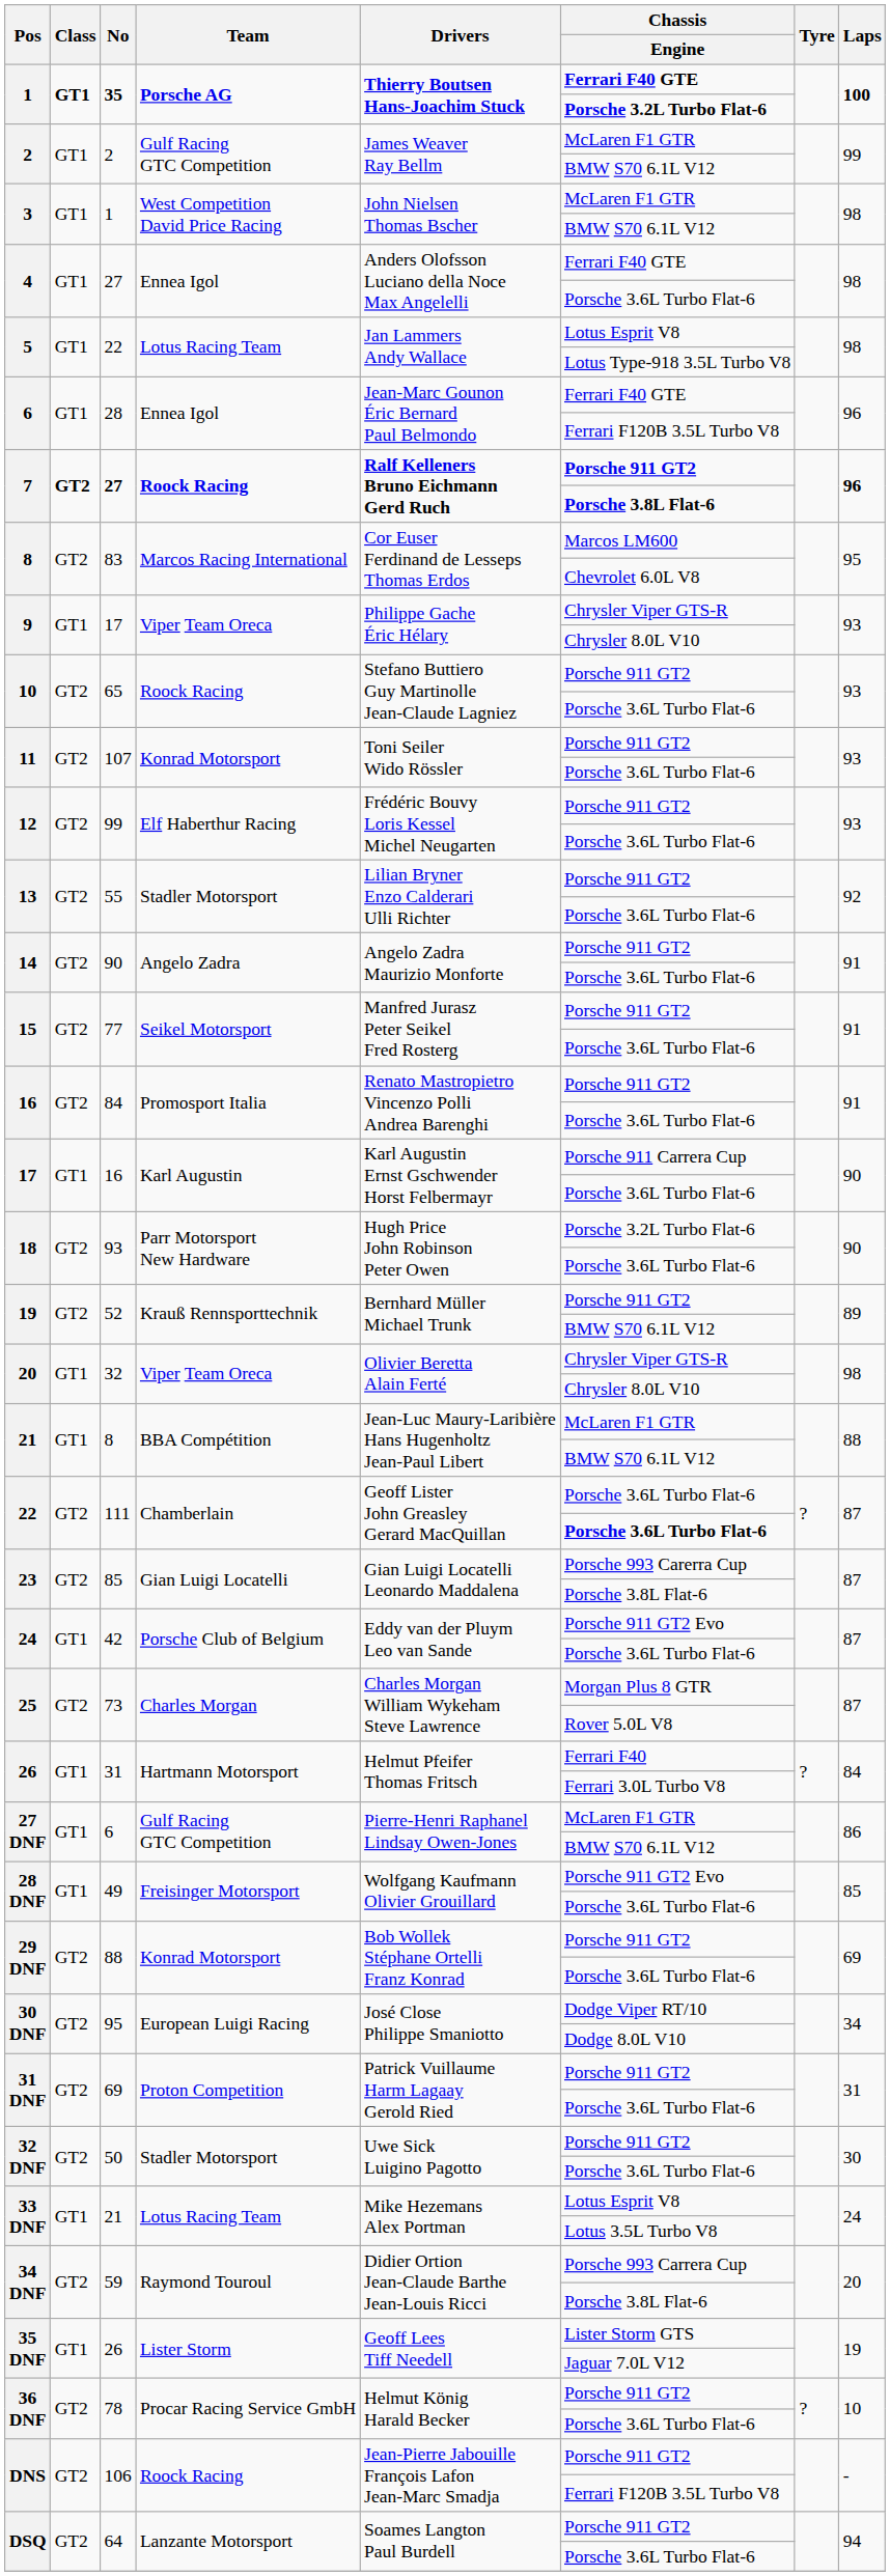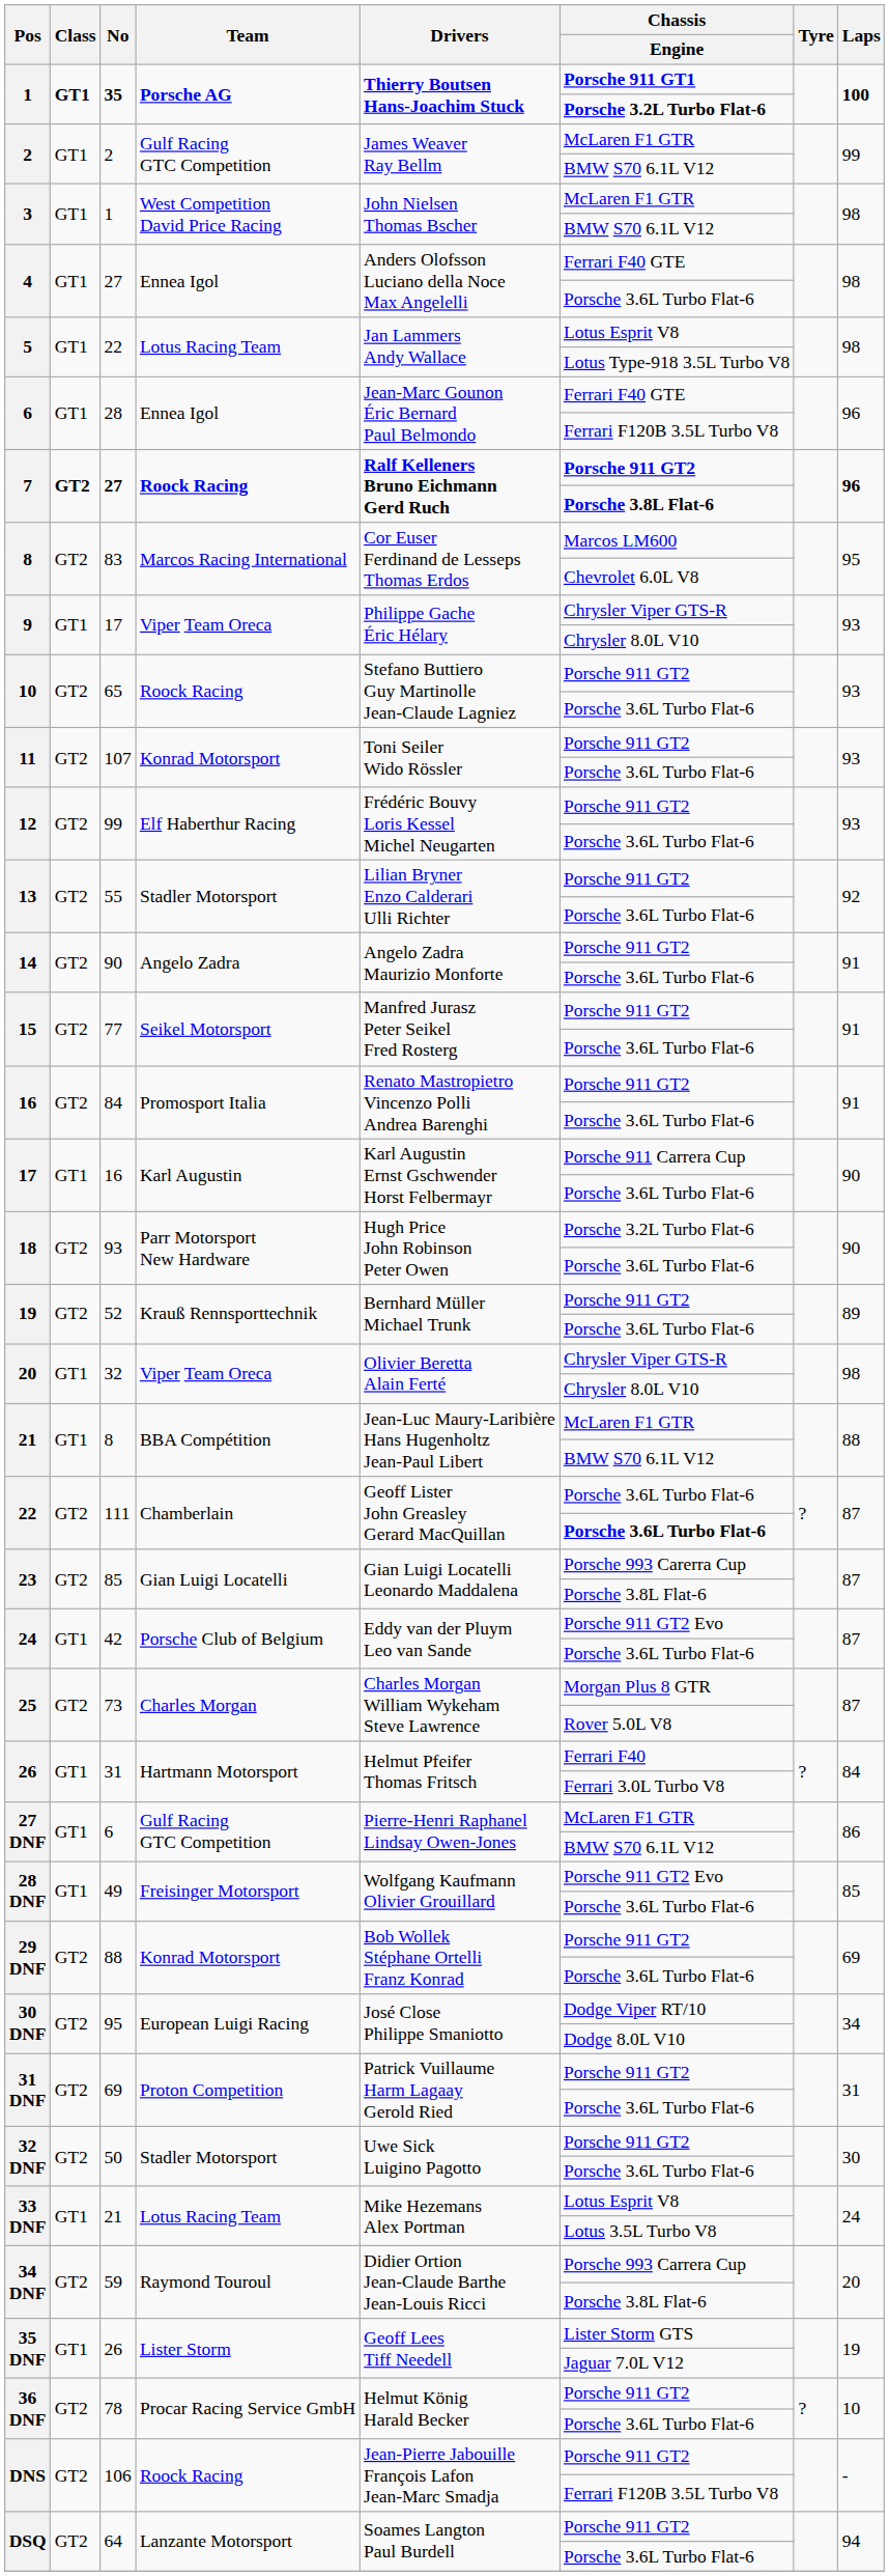 <table class="wikitable" style="font-size: 95%;">
 <tr>
 <th rowspan=2>Pos</th>
 <th rowspan=2>Class</th>
 <th rowspan=2>No</th>
 <th rowspan=2>Team</th>
 <th rowspan=2>Drivers</th>
 <th>Chassis</th>
 <th rowspan=2>Tyre</th>
 <th rowspan=2>Laps</th>
 </tr>
 <tr>
 <th>Engine</th>
 </tr>
 <tr style="font-weight:bold">
 <th rowspan=2>1</th>
 <td rowspan=2>GT1</td>
 <td rowspan=2>35</td>
 <td rowspan=2> <a href='#'>Porsche AG</a></td>
 <td rowspan=2> <a href='#'>Thierry Boutsen</a><br> <a href='#'>Hans-Joachim Stuck</a></td>
-<td><a href='#'>Ferrari F40</a> GTE</td>
+<td><a href='#'>Porsche 911 GT1</a></td>
 <td rowspan=2></td>
 <td rowspan=2>100</td>
 </tr>
 <tr style="font-weight:bold">
 <td><a href='#'>Porsche</a> 3.2L Turbo Flat-6</td>
 </tr>
 <tr>
 <th rowspan=2>2</th>
 <td rowspan=2>GT1</td>
 <td rowspan=2>2</td>
 <td rowspan=2> <a href='#'>Gulf Racing</a><br> GTC Competition</td>
 <td rowspan=2> <a href='#'>James Weaver</a><br> <a href='#'>Ray Bellm</a></td>
 <td><a href='#'>McLaren F1 GTR</a></td>
 <td rowspan=2></td>
 <td rowspan=2>99</td>
 </tr>
 <tr>
 <td><a href='#'>BMW</a> <a href='#'>S70</a> 6.1L V12</td>
 </tr>
 <tr>
 <th rowspan=2>3</th>
 <td rowspan=2>GT1</td>
 <td rowspan=2>1</td>
 <td rowspan=2> <a href='#'>West Competition</a><br> <a href='#'>David Price Racing</a></td>
 <td rowspan=2> <a href='#'>John Nielsen</a><br> <a href='#'>Thomas Bscher</a></td>
 <td><a href='#'>McLaren F1 GTR</a></td>
 <td rowspan=2></td>
 <td rowspan=2>98</td>
 </tr>
 <tr>
 <td><a href='#'>BMW</a> <a href='#'>S70</a> 6.1L V12</td>
 </tr>
 <tr>
 <th rowspan=2>4</th>
 <td rowspan=2>GT1</td>
 <td rowspan=2>27</td>
 <td rowspan=2> Ennea Igol</td>
 <td rowspan=2> Anders Olofsson<br> Luciano della Noce<br> <a href='#'>Max Angelelli</a></td>
 <td><a href='#'>Ferrari F40</a> GTE</td>
 <td rowspan=2></td>
 <td rowspan=2>98</td>
 </tr>
 <tr>
 <td><a href='#'>Porsche</a> 3.6L Turbo Flat-6</td>
 </tr>
 <tr>
 <th rowspan=2>5</th>
 <td rowspan=2>GT1</td>
 <td rowspan=2>22</td>
 <td rowspan=2> <a href='#'>Lotus Racing Team</a></td>
 <td rowspan=2> <a href='#'>Jan Lammers</a><br> <a href='#'>Andy Wallace</a></td>
 <td><a href='#'>Lotus Esprit</a> V8</td>
 <td rowspan=2></td>
 <td rowspan=2>98</td>
 </tr>
 <tr>
 <td><a href='#'>Lotus</a> Type-918 3.5L Turbo V8</td>
 </tr>
 <tr>
 <th rowspan=2>6</th>
 <td rowspan=2>GT1</td>
 <td rowspan=2>28</td>
 <td rowspan=2> Ennea Igol</td>
 <td rowspan=2> <a href='#'>Jean-Marc Gounon</a><br> <a href='#'>Éric Bernard</a><br> <a href='#'>Paul Belmondo</a></td>
 <td><a href='#'>Ferrari F40</a> GTE</td>
 <td rowspan=2></td>
 <td rowspan=2>96</td>
 </tr>
 <tr>
 <td><a href='#'>Ferrari</a> F120B 3.5L Turbo V8</td>
 </tr>
 <tr style="font-weight:bold">
 <th rowspan=2>7</th>
 <td rowspan=2>GT2</td>
 <td rowspan=2>27</td>
 <td rowspan=2> <a href='#'>Roock Racing</a></td>
 <td rowspan=2> <a href='#'>Ralf Kelleners</a><br> Bruno Eichmann<br> Gerd Ruch</td>
 <td><a href='#'>Porsche 911 GT2</a></td>
 <td rowspan=2></td>
 <td rowspan=2>96</td>
 </tr>
 <tr style="font-weight:bold">
 <td><a href='#'>Porsche</a> 3.8L Flat-6</td>
 </tr>
 <tr>
 <th rowspan=2>8</th>
 <td rowspan=2>GT2</td>
 <td rowspan=2>83</td>
 <td rowspan=2> <a href='#'>Marcos Racing International</a></td>
 <td rowspan=2> <a href='#'>Cor Euser</a><br> Ferdinand de Lesseps<br> <a href='#'>Thomas Erdos</a></td>
 <td><a href='#'>Marcos LM600</a></td>
 <td rowspan=2></td>
 <td rowspan=2>95</td>
 </tr>
 <tr>
 <td><a href='#'>Chevrolet</a> 6.0L V8</td>
 </tr>
 <tr>
 <th rowspan=2>9</th>
 <td rowspan=2>GT1</td>
 <td rowspan=2>17</td>
 <td rowspan=2> <a href='#'>Viper</a> <a href='#'>Team Oreca</a></td>
 <td rowspan=2> <a href='#'>Philippe Gache</a><br> <a href='#'>Éric Hélary</a></td>
 <td><a href='#'>Chrysler Viper GTS-R</a></td>
 <td rowspan=2></td>
 <td rowspan=2>93</td>
 </tr>
 <tr>
 <td><a href='#'>Chrysler</a> 8.0L V10</td>
 </tr>
 <tr>
 <th rowspan=2>10</th>
 <td rowspan=2>GT2</td>
 <td rowspan=2>65</td>
 <td rowspan=2> <a href='#'>Roock Racing</a></td>
 <td rowspan=2> Stefano Buttiero<br> Guy Martinolle<br> Jean-Claude Lagniez</td>
 <td><a href='#'>Porsche 911 GT2</a></td>
 <td rowspan=2></td>
 <td rowspan=2>93</td>
 </tr>
 <tr>
 <td><a href='#'>Porsche</a> 3.6L Turbo Flat-6</td>
 </tr>
 <tr>
 <th rowspan=2>11</th>
 <td rowspan=2>GT2</td>
 <td rowspan=2>107</td>
 <td rowspan=2> <a href='#'>Konrad Motorsport</a></td>
 <td rowspan=2> Toni Seiler<br> Wido Rössler</td>
 <td><a href='#'>Porsche 911 GT2</a></td>
 <td rowspan=2></td>
 <td rowspan=2>93</td>
 </tr>
 <tr>
 <td><a href='#'>Porsche</a> 3.6L Turbo Flat-6</td>
 </tr>
 <tr>
 <th rowspan=2>12</th>
 <td rowspan=2>GT2</td>
 <td rowspan=2>99</td>
 <td rowspan=2> <a href='#'>Elf</a> Haberthur Racing</td>
 <td rowspan=2> Frédéric Bouvy<br> <a href='#'>Loris Kessel</a><br> Michel Neugarten</td>
 <td><a href='#'>Porsche 911 GT2</a></td>
 <td rowspan=2></td>
 <td rowspan=2>93</td>
 </tr>
 <tr>
 <td><a href='#'>Porsche</a> 3.6L Turbo Flat-6</td>
 </tr>
 <tr>
 <th rowspan=2>13</th>
 <td rowspan=2>GT2</td>
 <td rowspan=2>55</td>
 <td rowspan=2> Stadler Motorsport</td>
 <td rowspan=2> <a href='#'>Lilian Bryner</a><br> <a href='#'>Enzo Calderari</a><br> Ulli Richter</td>
 <td><a href='#'>Porsche 911 GT2</a></td>
 <td rowspan=2></td>
 <td rowspan=2>92</td>
 </tr>
 <tr>
 <td><a href='#'>Porsche</a> 3.6L Turbo Flat-6</td>
 </tr>
 <tr>
 <th rowspan=2>14</th>
 <td rowspan=2>GT2</td>
 <td rowspan=2>90</td>
 <td rowspan=2> Angelo Zadra</td>
 <td rowspan=2> Angelo Zadra<br> Maurizio Monforte</td>
 <td><a href='#'>Porsche 911 GT2</a></td>
 <td rowspan=2></td>
 <td rowspan=2>91</td>
 </tr>
 <tr>
 <td><a href='#'>Porsche</a> 3.6L Turbo Flat-6</td>
 </tr>
 <tr>
 <th rowspan=2>15</th>
 <td rowspan=2>GT2</td>
 <td rowspan=2>77</td>
 <td rowspan=2> <a href='#'>Seikel Motorsport</a></td>
 <td rowspan=2> Manfred Jurasz<br> Peter Seikel<br> Fred Rosterg</td>
 <td><a href='#'>Porsche 911 GT2</a></td>
 <td rowspan=2></td>
 <td rowspan=2>91</td>
 </tr>
 <tr>
 <td><a href='#'>Porsche</a> 3.6L Turbo Flat-6</td>
 </tr>
 <tr>
 <th rowspan=2>16</th>
 <td rowspan=2>GT2</td>
 <td rowspan=2>84</td>
 <td rowspan=2> Promosport Italia</td>
 <td rowspan=2> <a href='#'>Renato Mastropietro</a><br> Vincenzo Polli<br> Andrea Barenghi</td>
 <td><a href='#'>Porsche 911 GT2</a></td>
 <td rowspan=2></td>
 <td rowspan=2>91</td>
 </tr>
 <tr>
 <td><a href='#'>Porsche</a> 3.6L Turbo Flat-6</td>
 </tr>
 <tr>
 <th rowspan=2>17</th>
 <td rowspan=2>GT1</td>
 <td rowspan=2>16</td>
 <td rowspan=2> Karl Augustin</td>
 <td rowspan=2> Karl Augustin<br> Ernst Gschwender<br> Horst Felbermayr</td>
 <td><a href='#'>Porsche 911</a> Carrera Cup</td>
 <td rowspan=2></td>
 <td rowspan=2>90</td>
 </tr>
 <tr>
 <td><a href='#'>Porsche</a> 3.6L Turbo Flat-6</td>
 </tr>
 <tr>
 <th rowspan=2>18</th>
 <td rowspan=2>GT2</td>
 <td rowspan=2>93</td>
 <td rowspan=2> Parr Motorsport<br> New Hardware</td>
 <td rowspan=2> Hugh Price<br> John Robinson<br> Peter Owen</td>
 <td><a href='#'>Porsche</a> 3.2L Turbo Flat-6</td>
 <td rowspan=2></td>
 <td rowspan=2>90</td>
 </tr>
 <tr>
 <td><a href='#'>Porsche</a> 3.6L Turbo Flat-6</td>
 </tr>
 <tr>
 <th rowspan=2>19</th>
 <td rowspan=2>GT2</td>
 <td rowspan=2>52</td>
 <td rowspan=2> Krauß Rennsporttechnik</td>
 <td rowspan=2> Bernhard Müller<br> Michael Trunk</td>
 <td><a href='#'>Porsche 911 GT2</a></td>
 <td rowspan=2></td>
 <td rowspan=2>89</td>
 </tr>
 <tr>
-<td><a href='#'>BMW</a> <a href='#'>S70</a> 6.1L V12</td>
+<td><a href='#'>Porsche</a> 3.6L Turbo Flat-6</td>
 </tr>
 <tr>
 <th rowspan=2>20</th>
 <td rowspan=2>GT1</td>
 <td rowspan=2>32</td>
 <td rowspan=2> <a href='#'>Viper</a> <a href='#'>Team Oreca</a></td>
 <td rowspan=2> <a href='#'>Olivier Beretta</a><br> <a href='#'>Alain Ferté</a></td>
 <td><a href='#'>Chrysler Viper GTS-R</a></td>
 <td rowspan=2></td>
 <td rowspan=2>98</td>
 </tr>
 <tr>
 <td><a href='#'>Chrysler</a> 8.0L V10</td>
 </tr>
 <tr>
 <th rowspan=2>21</th>
 <td rowspan=2>GT1</td>
 <td rowspan=2>8</td>
 <td rowspan=2> BBA Compétition</td>
 <td rowspan=2> Jean-Luc Maury-Laribière<br> Hans Hugenholtz<br> Jean-Paul Libert</td>
 <td><a href='#'>McLaren F1 GTR</a></td>
 <td rowspan=2></td>
 <td rowspan=2>88</td>
 </tr>
 <tr>
 <td><a href='#'>BMW</a> <a href='#'>S70</a> 6.1L V12</td>
 </tr>
 <tr>
 <th rowspan=2>22</th>
 <td rowspan=2>GT2</td>
 <td rowspan=2>111</td>
 <td rowspan=2> Chamberlain</td>
 <td rowspan=2> Geoff Lister<br> John Greasley<br> Gerard MacQuillan</td>
 <td><a href='#'>Porsche</a> 3.6L Turbo Flat-6</td>
 <td rowspan=2>?</td>
 <td rowspan=2>87</td>
 </tr>
 <tr>
 <td><strong><a href='#'>Porsche</a> 3.6L Turbo Flat-6</strong></td>
 </tr>
 <tr>
 <th rowspan=2>23</th>
 <td rowspan=2>GT2</td>
 <td rowspan=2>85</td>
 <td rowspan=2> Gian Luigi Locatelli</td>
 <td rowspan=2> Gian Luigi Locatelli<br> Leonardo Maddalena</td>
 <td><a href='#'>Porsche 993</a> Carerra Cup</td>
 <td rowspan=2></td>
 <td rowspan=2>87</td>
 </tr>
 <tr>
 <td><a href='#'>Porsche</a> 3.8L Flat-6</td>
 </tr>
 <tr>
 <th rowspan=2>24</th>
 <td rowspan=2>GT1</td>
 <td rowspan=2>42</td>
 <td rowspan=2> <a href='#'>Porsche</a> Club of Belgium</td>
 <td rowspan=2> Eddy van der Pluym<br> Leo van Sande</td>
 <td><a href='#'>Porsche 911 GT2</a> Evo</td>
 <td rowspan=2></td>
 <td rowspan=2>87</td>
 </tr>
 <tr>
 <td><a href='#'>Porsche</a> 3.6L Turbo Flat-6</td>
 </tr>
 <tr>
 <th rowspan=2>25</th>
 <td rowspan=2>GT2</td>
 <td rowspan=2>73</td>
 <td rowspan=2> <a href='#'>Charles Morgan</a></td>
 <td rowspan=2> <a href='#'>Charles Morgan</a><br> William Wykeham<br> Steve Lawrence</td>
 <td><a href='#'>Morgan Plus 8</a> GTR</td>
 <td rowspan=2></td>
 <td rowspan=2>87</td>
 </tr>
 <tr>
 <td><a href='#'>Rover</a> 5.0L V8</td>
 </tr>
 <tr>
 <th rowspan=2>26</th>
 <td rowspan=2>GT1</td>
 <td rowspan=2>31</td>
 <td rowspan=2> Hartmann Motorsport</td>
 <td rowspan=2> Helmut Pfeifer<br> Thomas Fritsch</td>
 <td><a href='#'>Ferrari F40</a></td>
 <td rowspan=2>?</td>
 <td rowspan=2>84</td>
 </tr>
 <tr>
 <td><a href='#'>Ferrari</a> 3.0L Turbo V8</td>
 </tr>
 <tr>
 <th rowspan=2>27<br>DNF</th>
 <td rowspan=2>GT1</td>
 <td rowspan=2>6</td>
 <td rowspan=2> <a href='#'>Gulf Racing</a><br> GTC Competition</td>
 <td rowspan=2> <a href='#'>Pierre-Henri Raphanel</a><br> <a href='#'>Lindsay Owen-Jones</a></td>
 <td><a href='#'>McLaren F1 GTR</a></td>
 <td rowspan=2></td>
 <td rowspan=2>86</td>
 </tr>
 <tr>
 <td><a href='#'>BMW</a> <a href='#'>S70</a> 6.1L V12</td>
 </tr>
 <tr>
 <th rowspan=2>28<br>DNF</th>
 <td rowspan=2>GT1</td>
 <td rowspan=2>49</td>
 <td rowspan=2> <a href='#'>Freisinger Motorsport</a></td>
 <td rowspan=2> Wolfgang Kaufmann<br> <a href='#'>Olivier Grouillard</a></td>
 <td><a href='#'>Porsche 911 GT2</a> Evo</td>
 <td rowspan=2></td>
 <td rowspan=2>85</td>
 </tr>
 <tr>
 <td><a href='#'>Porsche</a> 3.6L Turbo Flat-6</td>
 </tr>
 <tr>
 <th rowspan=2>29<br>DNF</th>
 <td rowspan=2>GT2</td>
 <td rowspan=2>88</td>
 <td rowspan=2> <a href='#'>Konrad Motorsport</a></td>
 <td rowspan=2> <a href='#'>Bob Wollek</a><br> <a href='#'>Stéphane Ortelli</a><br> <a href='#'>Franz Konrad</a></td>
 <td><a href='#'>Porsche 911 GT2</a></td>
 <td rowspan=2></td>
 <td rowspan=2>69</td>
 </tr>
 <tr>
 <td><a href='#'>Porsche</a> 3.6L Turbo Flat-6</td>
 </tr>
 <tr>
 <th rowspan=2>30<br>DNF</th>
 <td rowspan=2>GT2</td>
 <td rowspan=2>95</td>
 <td rowspan=2> European Luigi Racing</td>
 <td rowspan=2> José Close<br> Philippe Smaniotto</td>
 <td><a href='#'>Dodge Viper</a> RT/10</td>
 <td rowspan=2></td>
 <td rowspan=2>34</td>
 </tr>
 <tr>
 <td><a href='#'>Dodge</a> 8.0L V10</td>
 </tr>
 <tr>
 <th rowspan=2>31<br>DNF</th>
 <td rowspan=2>GT2</td>
 <td rowspan=2>69</td>
 <td rowspan=2> <a href='#'>Proton Competition</a></td>
 <td rowspan=2> Patrick Vuillaume<br> <a href='#'>Harm Lagaay</a><br> Gerold Ried</td>
 <td><a href='#'>Porsche 911 GT2</a></td>
 <td rowspan=2></td>
 <td rowspan=2>31</td>
 </tr>
 <tr>
 <td><a href='#'>Porsche</a> 3.6L Turbo Flat-6</td>
 </tr>
 <tr>
 <th rowspan=2>32<br>DNF</th>
 <td rowspan=2>GT2</td>
 <td rowspan=2>50</td>
 <td rowspan=2> Stadler Motorsport</td>
 <td rowspan=2> Uwe Sick<br> Luigino Pagotto</td>
 <td><a href='#'>Porsche 911 GT2</a></td>
 <td rowspan=2></td>
 <td rowspan=2>30</td>
 </tr>
 <tr>
 <td><a href='#'>Porsche</a> 3.6L Turbo Flat-6</td>
 </tr>
 <tr>
 <th rowspan=2>33<br>DNF</th>
 <td rowspan=2>GT1</td>
 <td rowspan=2>21</td>
 <td rowspan=2> <a href='#'>Lotus Racing Team</a></td>
 <td rowspan=2> Mike Hezemans<br> Alex Portman</td>
 <td><a href='#'>Lotus Esprit</a> V8</td>
 <td rowspan=2></td>
 <td rowspan=2>24</td>
 </tr>
 <tr>
 <td><a href='#'>Lotus</a> 3.5L Turbo V8</td>
 </tr>
 <tr>
 <th rowspan=2>34<br>DNF</th>
 <td rowspan=2>GT2</td>
 <td rowspan=2>59</td>
 <td rowspan=2> Raymond Touroul</td>
 <td rowspan=2> Didier Ortion<br> Jean-Claude Barthe<br> Jean-Louis Ricci</td>
 <td><a href='#'>Porsche 993</a> Carrera Cup</td>
 <td rowspan=2></td>
 <td rowspan=2>20</td>
 </tr>
 <tr>
 <td><a href='#'>Porsche</a> 3.8L Flat-6</td>
 </tr>
 <tr>
 <th rowspan=2>35<br>DNF</th>
 <td rowspan=2>GT1</td>
 <td rowspan=2>26</td>
 <td rowspan=2> <a href='#'>Lister Storm</a></td>
 <td rowspan=2> <a href='#'>Geoff Lees</a><br> <a href='#'>Tiff Needell</a></td>
 <td><a href='#'>Lister Storm</a> GTS</td>
 <td rowspan=2></td>
 <td rowspan=2>19</td>
 </tr>
 <tr>
 <td><a href='#'>Jaguar</a> 7.0L V12</td>
 </tr>
 <tr>
 <th rowspan=2>36<br>DNF</th>
 <td rowspan=2>GT2</td>
 <td rowspan=2>78</td>
 <td rowspan=2> Procar Racing Service GmbH</td>
 <td rowspan=2> Helmut König<br> Harald Becker</td>
 <td><a href='#'>Porsche 911 GT2</a></td>
 <td rowspan=2>?</td>
 <td rowspan=2>10</td>
 </tr>
 <tr>
 <td><a href='#'>Porsche</a> 3.6L Turbo Flat-6</td>
 </tr>
 <tr>
 <th rowspan=2>DNS</th>
 <td rowspan=2>GT2</td>
 <td rowspan=2>106</td>
 <td rowspan=2> <a href='#'>Roock Racing</a></td>
 <td rowspan=2> <a href='#'>Jean-Pierre Jabouille</a><br> François Lafon<br> Jean-Marc Smadja</td>
 <td><a href='#'>Porsche 911 GT2</a></td>
 <td rowspan=2></td>
 <td rowspan=2>-</td>
 </tr>
 <tr>
 <td><a href='#'>Ferrari</a> F120B 3.5L Turbo V8</td>
 </tr>
 <tr>
 <th rowspan=2>DSQ</th>
 <td rowspan=2>GT2</td>
 <td rowspan=2>64</td>
 <td rowspan=2> Lanzante Motorsport</td>
 <td rowspan=2> Soames Langton<br> Paul Burdell</td>
 <td><a href='#'>Porsche 911 GT2</a></td>
 <td rowspan=2></td>
 <td rowspan=2>94</td>
 </tr>
 <tr>
 <td><a href='#'>Porsche</a> 3.6L Turbo Flat-6</td>
 </tr>
 <tr>
 </tr>
 </table>
